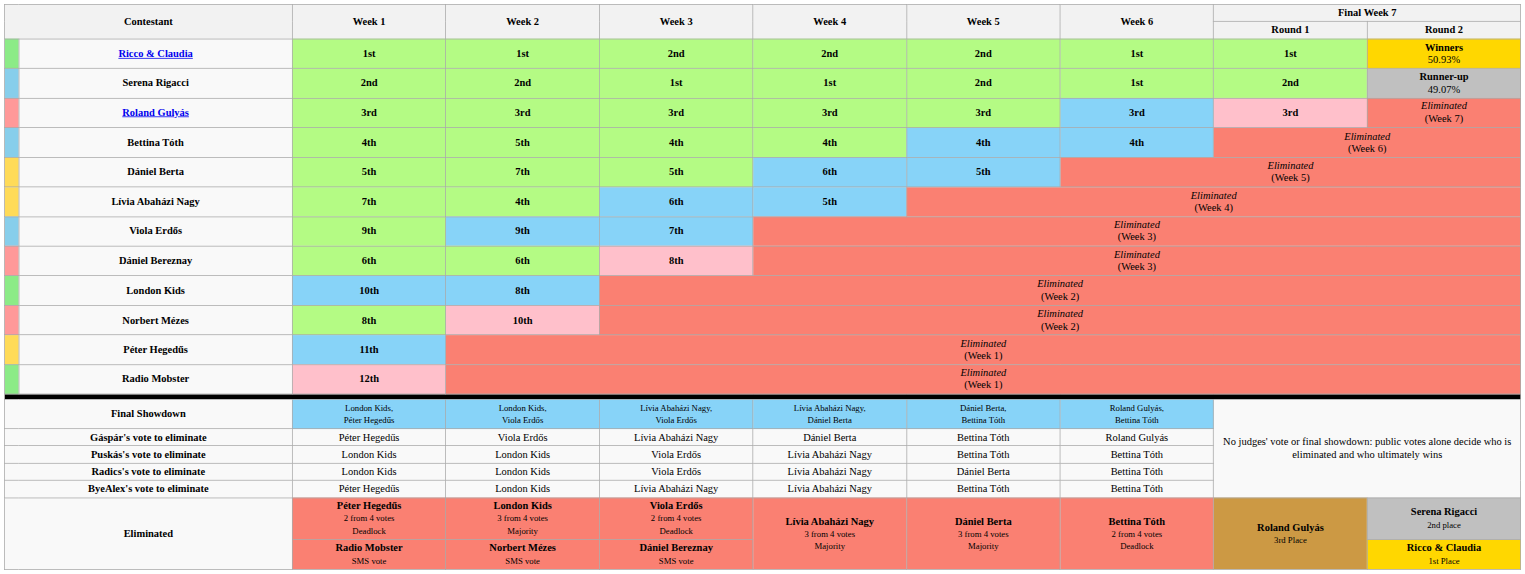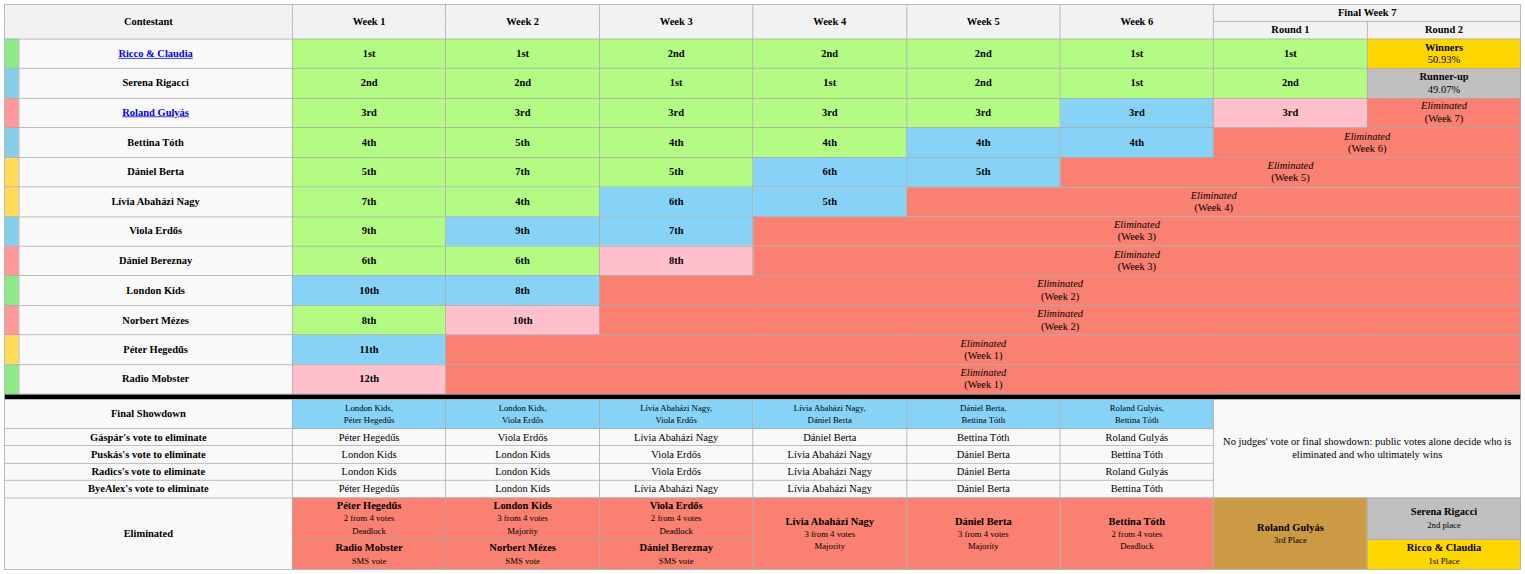 <table class="wikitable" style="text-align:center; font-size:85%">
 <tr>
 <th style="width:15%" rowspan=2 colspan=2>Contestant</th>
 <th style="width:8%" rowspan=2>Week 1</th>
 <th style="width:8%" rowspan=2>Week 2</th>
 <th style="width:8%" rowspan=2>Week 3</th>
 <th style="width:8%" rowspan=2>Week 4</th>
 <th style="width:8%" rowspan=2>Week 5</th>
 <th style="width:8%" rowspan=2>Week 6</th>
 <th colspan=2>Final Week 7</th>
 </tr>
 <tr>
 <th style="width:8%">Round 1</th>
 <th style="width:8%">Round 2</th>
 </tr>
 <tr>
 <td style="background:#8ceb87;"></td>
 <td><strong><a href='#'>Ricco & Claudia</a></strong></td>
 <td style="background:#B4FB84"><strong>1st</strong></td>
 <td style="background:#B4FB84"><strong>1st</strong></td>
 <td style="background:#B4FB84"><strong>2nd</strong></td>
 <td style="background:#B4FB84"><strong>2nd</strong></td>
 <td style="background:#B4FB84"><strong>2nd</strong></td>
 <td style="background:#B4FB84"><strong>1st</strong></td>
 <td style="background:#B4FB84"><strong>1st</strong></td>
 <td style="background:gold"><strong>Winners</strong><br>50.93%</td>
 </tr>
 <tr>
 <td style="background:#87ceeb;"></td>
 <td><strong>Serena Rigacci</strong></td>
 <td style="background:#B4FB84"><strong>2nd</strong></td>
 <td style="background:#B4FB84"><strong>2nd</strong></td>
 <td style="background:#B4FB84"><strong>1st</strong></td>
 <td style="background:#B4FB84"><strong>1st</strong></td>
 <td style="background:#B4FB84"><strong>2nd</strong></td>
 <td style="background:#B4FB84"><strong>1st</strong></td>
 <td style="background:#B4FB84"><strong>2nd</strong></td>
 <td style="background:silver"><strong>Runner-up</strong><br>49.07%</td>
 </tr>
 <tr>
 <td style="background:#ff9999;"></td>
 <td><strong><a href='#'>Roland Gulyás</a></strong></td>
 <td style="background:#B4FB84"><strong>3rd</strong></td>
 <td style="background:#B4FB84"><strong>3rd</strong></td>
 <td style="background:#B4FB84"><strong>3rd</strong></td>
 <td style="background:#B4FB84"><strong>3rd</strong></td>
 <td style="background:#B4FB84"><strong>3rd</strong></td>
 <td style="background:#87D3F8"><strong>3rd</strong></td>
 <td style="background:pink"><strong>3rd</strong></td>
 <td style="background:salmon;" colspan="2"><em>Eliminated</em><br>(Week 7)</td>
 </tr>
 <tr>
 <td style="background:#87ceeb;"></td>
 <td><strong>Bettina Tóth</strong></td>
 <td style="background:#B4FB84"><strong>4th</strong></td>
 <td style="background:#B4FB84"><strong>5th</strong></td>
 <td style="background:#B4FB84"><strong>4th</strong></td>
 <td style="background:#B4FB84"><strong>4th</strong></td>
 <td style="background:#87D3F8"><strong>4th</strong></td>
 <td style="background:#87D3F8"><strong>4th</strong></td>
 <td style="background:salmon;" colspan="2"><em>Eliminated</em><br>(Week 6)</td>
 </tr>
 <tr>
 <td style="background:#ffdb58"></td>
 <td><strong>Dániel Berta</strong></td>
 <td style="background:#B4FB84"><strong>5th</strong></td>
 <td style="background:#B4FB84"><strong>7th</strong></td>
 <td style="background:#B4FB84"><strong>5th</strong></td>
 <td style="background:#87D3F8"><strong>6th</strong></td>
 <td style="background:#87D3F8"><strong>5th</strong></td>
 <td style="background:salmon;" colspan="3"><em>Eliminated</em><br>(Week 5)</td>
 </tr>
 <tr>
 <td style="background:#ffdb58;"></td>
 <td><strong>Lívia Abaházi Nagy</strong></td>
 <td style="background:#B4FB84"><strong>7th</strong></td>
 <td style="background:#B4FB84"><strong>4th</strong></td>
 <td style="background:#87D3F8"><strong>6th</strong></td>
 <td style="background:#87D3F8"><strong>5th</strong></td>
 <td style="background:salmon;" colspan="4"><em>Eliminated</em><br>(Week 4)</td>
 </tr>
 <tr>
 <td style="background:#87ceeb;"></td>
 <td><strong>Viola Erdős</strong></td>
 <td style="background:#B4FB84"><strong>9th</strong></td>
 <td style="background:#87D3F8"><strong>9th</strong></td>
 <td style="background:#87D3F8"><strong>7th</strong></td>
 <td style="background:salmon;" colspan="5"><em>Eliminated</em><br>(Week 3)</td>
 </tr>
 <tr>
 <td style="background:#ff9999;"></td>
 <td><strong>Dániel Bereznay</strong></td>
 <td style="background:#B4FB84"><strong>6th</strong></td>
 <td style="background:#B4FB84"><strong>6th</strong></td>
 <td style="background:pink"><strong>8th</strong></td>
 <td style="background:salmon;" colspan="5"><em>Eliminated</em><br>(Week 3)</td>
 </tr>
 <tr>
 <td style="background:#8ceb87;"></td>
 <td><strong>London Kids</strong></td>
 <td style="background:#87D3F8"><strong>10th</strong></td>
 <td style="background:#87D3F8"><strong>8th</strong></td>
 <td style="background:salmon;" colspan="6"><em>Eliminated</em><br>(Week 2)</td>
 </tr>
 <tr>
 <td style="background:#ff9999"></td>
 <td><strong>Norbert Mézes</strong></td>
 <td style="background:#B4FB84"><strong>8th</strong></td>
 <td style="background:pink"><strong>10th</strong></td>
 <td style="background:salmon;" colspan="6"><em>Eliminated</em><br>(Week 2)</td>
 </tr>
 <tr>
 <td style="background:#ffdb58;"></td>
 <td><strong>Péter Hegedűs</strong></td>
 <td style="background:#87D3F8"><strong>11th</strong></td>
 <td style="background:salmon;" colspan="7"><em>Eliminated</em><br>(Week 1)</td>
 </tr>
 <tr>
 <td style="background:#8ceb87;"></td>
 <td><strong>Radio Mobster</strong></td>
 <td style="background:pink"><strong>12th</strong></td>
 <td style="background:salmon;" colspan="7"><em>Eliminated</em><br>(Week 1)</td>
 </tr>
 <tr>
 <td style="background:#000;" colspan="13"></td>
 </tr>
 <tr>
 <td colspan=2><strong>Final Showdown</strong></td>
 <td style="background:#87D3F8"><small>London Kids,<br>Péter Hegedűs</small></td>
 <td style="background:#87D3F8"><small>London Kids,<br>Viola Erdős</small></td>
 <td style="background:#87D3F8"><small>Lívia Abaházi Nagy,<br>Viola Erdős</small></td>
 <td style="background:#87D3F8"><small>Lívia Abaházi Nagy,<br>Dániel Berta</small></td>
 <td style="background:#87D3F8"><small>Dániel Berta,<br>Bettina Tóth</small></td>
 <td style="background:#87D3F8"><small>Roland Gulyás,<br>Bettina Tóth</small></td>
 <td rowspan=5 colspan=2>No judges' vote or final showdown: public votes alone decide who is eliminated and who ultimately wins</td>
 </tr>
 <tr>
 <td colspan="2"><strong>Gáspár's vote to eliminate</strong></td>
 <td>Péter Hegedűs</td>
 <td>Viola Erdős</td>
 <td>Lívia Abaházi Nagy</td>
 <td>Dániel Berta</td>
 <td>Bettina Tóth</td>
 <td>Roland Gulyás</td>
 </tr>
 <tr>
 <td colspan="2"><strong>Puskás's vote to eliminate</strong></td>
 <td>London Kids</td>
 <td>London Kids</td>
 <td>Viola Erdős</td>
 <td>Lívia Abaházi Nagy</td>
-<td>Bettina Tóth</td>
+<td>Dániel Berta</td>
 <td>Bettina Tóth</td>
 </tr>
 <tr>
 <td colspan="2"><strong>Radics's vote to eliminate</strong></td>
 <td>London Kids</td>
 <td>London Kids</td>
 <td>Viola Erdős</td>
 <td>Lívia Abaházi Nagy</td>
 <td>Dániel Berta</td>
-<td>Bettina Tóth</td>
+<td>Roland Gulyás</td>
 </tr>
 <tr>
 <td colspan="2"><strong>ByeAlex's vote to eliminate</strong></td>
 <td>Péter Hegedűs</td>
 <td>London Kids</td>
 <td>Lívia Abaházi Nagy</td>
 <td>Lívia Abaházi Nagy</td>
-<td>Bettina Tóth</td>
+<td>Dániel Berta</td>
 <td>Bettina Tóth</td>
 </tr>
 <tr>
 <td rowspan=2 colspan=2><strong>Eliminated</strong></td>
 <td style="background:salmon;"><strong>Péter Hegedűs</strong><br><small>2 from 4 votes</small><br><small>Deadlock</small></td>
 <td style="background:salmon;"><strong>London Kids</strong><br><small>3 from 4 votes </small><br><small>Majority</small></td>
 <td style="background:salmon;"><strong>Viola Erdős</strong><br><small>2 from 4 votes </small><br><small>Deadlock</small></td>
 <td style="background:salmon;" rowspan="2"><strong>Lívia Abaházi Nagy</strong><br><small>3 from 4 votes </small><br><small>Majority</small></td>
 <td style="background:salmon;" rowspan="2"><strong>Dániel Berta</strong> <br><small>3 from 4 votes </small><br><small>Majority</small></td>
 <td style="background:salmon;" rowspan="2"><strong>Bettina Tóth</strong><br><small>2 from 4 votes </small><br><small>Deadlock</small></td>
 <td style="background:#c94;" rowspan="2"><strong>Roland Gulyás</strong><br><small>3rd Place</small></td>
 <td style="background:silver;"><strong>Serena Rigacci</strong><br><small>2nd place</small></td>
 </tr>
 <tr>
 <td style="background:salmon;" rowspan="2"><strong>Radio Mobster</strong><br><small> SMS vote </small></td>
 <td style="background:salmon;" rowspan="2"><strong>Norbert Mézes</strong><br><small> SMS vote </small></td>
 <td style="background:salmon;" rowspan="2"><strong>Dániel Bereznay</strong><br><small> SMS vote </small></td>
 <td style="background:gold; width:5%;"><strong>Ricco & Claudia</strong><br><small>1st Place</small></td>
 </tr>
 </table>
